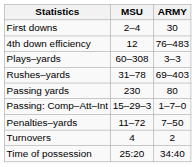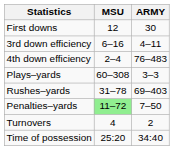 <table class="wikitable">
 <tr>
 <th>Statistics</th>
 <th>MSU</th>
 <th>ARMY</th>
 </tr>
 <tr>
 <td>First downs</td>
-<td align=center>2–4</td>
+<td align=center>12</td>
 <td align=center>30</td>
 </tr>
 <tr>
+<td>3rd down efficiency</td>
+<td align=center>6–16</td>
+<td align=center>4–11</td>
+</tr>
+<tr>
 <td>4th down efficiency</td>
-<td align=center>12</td>
+<td align=center>2–4</td>
 <td align=center>76–483</td>
 </tr>
 <tr>
 <td>Plays–yards</td>
 <td align=center>60–308</td>
 <td align=center>3–3</td>
 </tr>
 <tr>
 <td>Rushes–yards</td>
 <td align=center>31–78</td>
 <td align=center>69–403</td>
 </tr>
 <tr>
-<td>Passing yards</td>
-<td align=center>230</td>
-<td align=center>80</td>
-</tr>
-<tr>
-<td>Passing: Comp–Att–Int</td>
-<td align=center>15–29–3</td>
-<td align=center>1–7–0</td>
-</tr>
-<tr>
 <td>Penalties–yards</td>
-<td align=center>11–72</td>
+<td align=center style="background: lightgreen;">11–72</td>
 <td align=center>7–50</td>
 </tr>
 <tr>
 <td>Turnovers</td>
 <td align=center>4</td>
 <td align=center>2</td>
 </tr>
 <tr>
 <td>Time of possession</td>
 <td align=center>25:20</td>
 <td align=center>34:40</td>
 </tr>
 </table>
